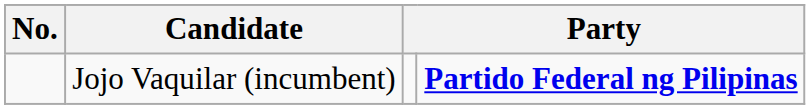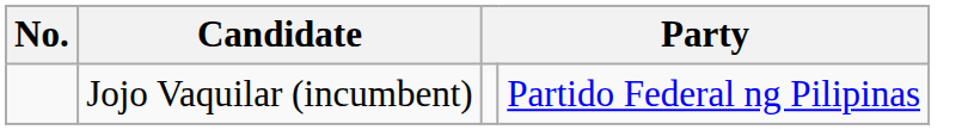 <table class="wikitable sortable" style="text-align:left;">
 <tr>
 <th>No.</th>
 <th>Candidate</th>
 <th colspan="2">Party</th>
 </tr>
 <tr>
 <td></td>
 <td>Jojo Vaquilar (incumbent)</td>
 <td></td>
-<td><strong><a href='#'>Partido Federal ng Pilipinas</a></strong></td>
+<td><a href='#'>Partido Federal ng Pilipinas</a></td>
 </tr>
 </table>
